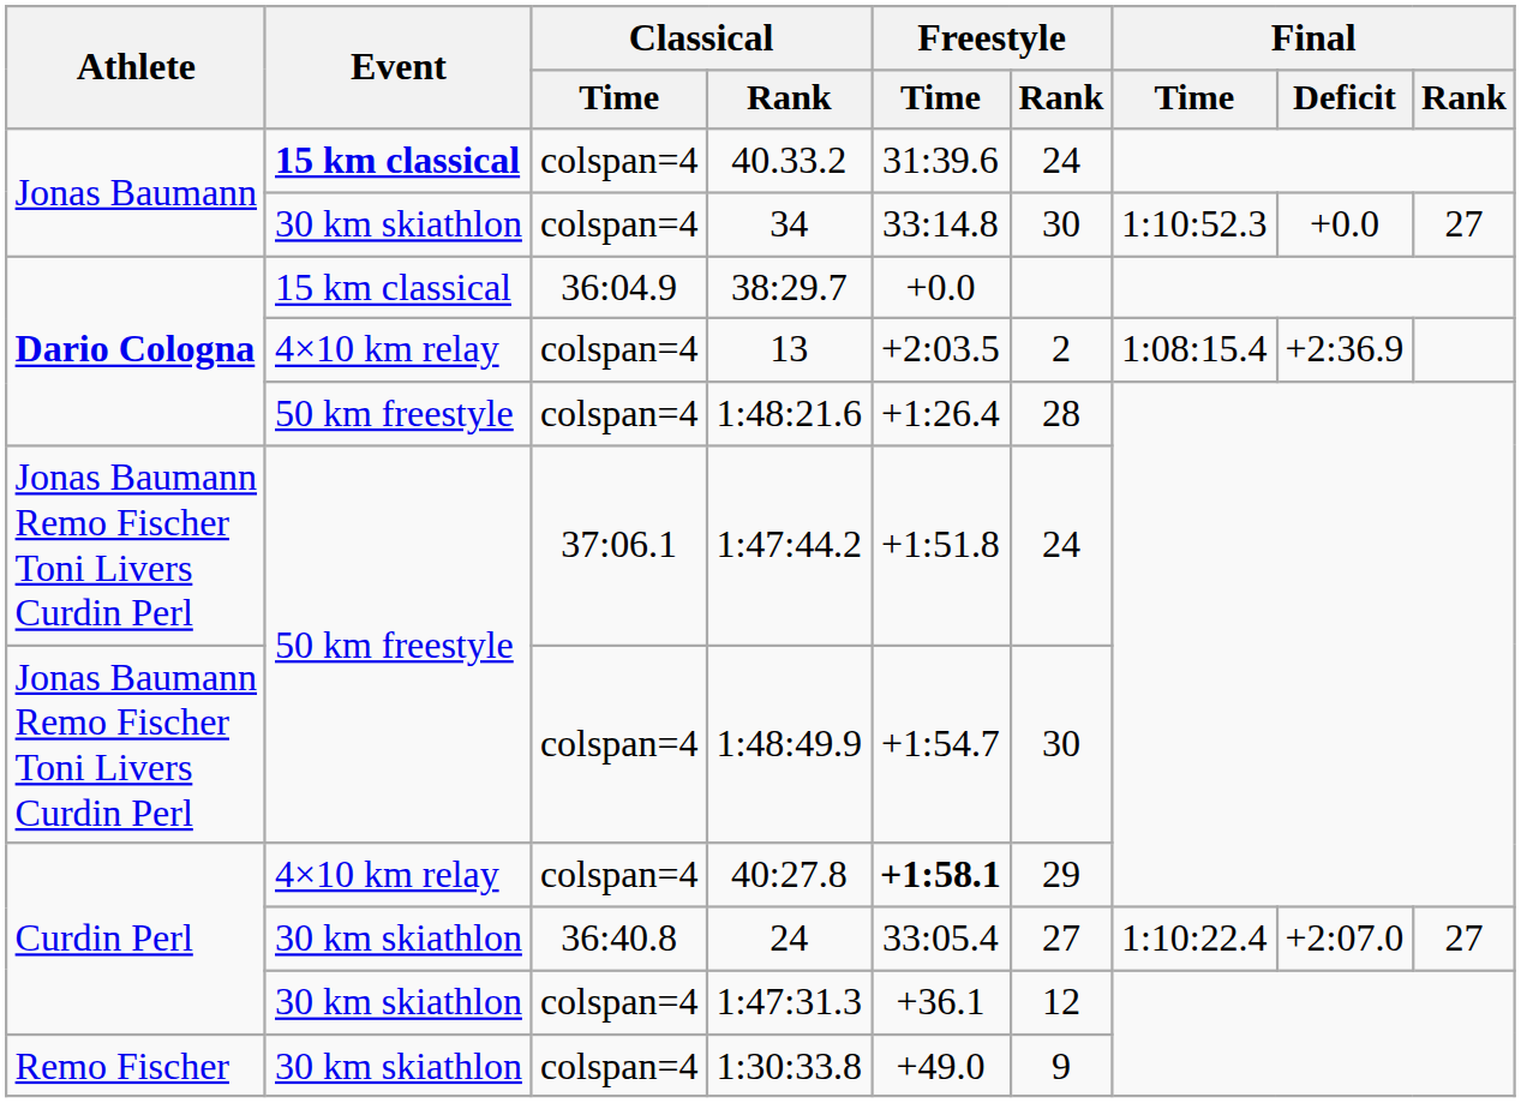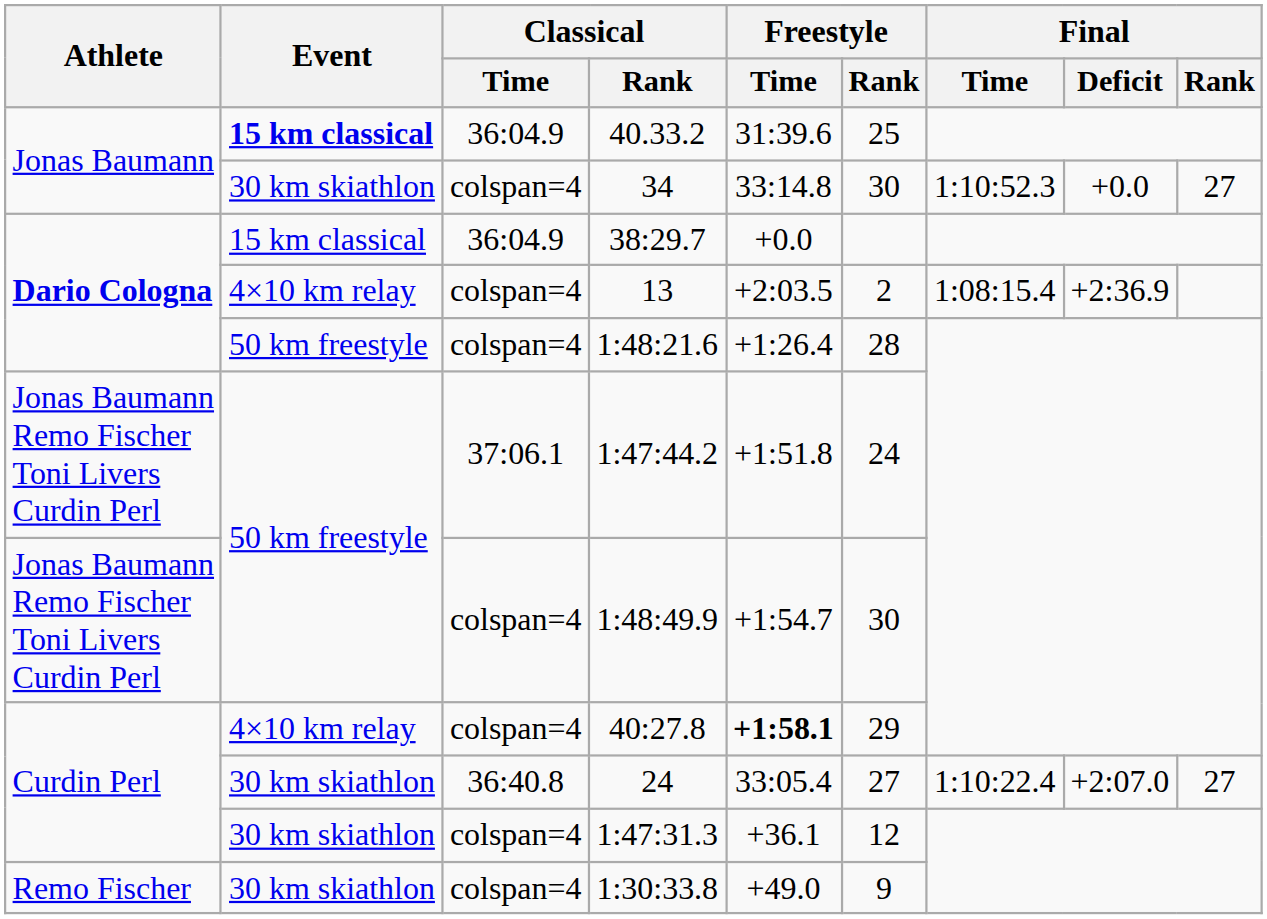 <table class="wikitable" style="font-size:90%">
 <tr>
 <th rowspan=2>Athlete</th>
 <th rowspan=2>Event</th>
 <th colspan=2>Classical</th>
 <th colspan=2>Freestyle</th>
 <th colspan=3>Final</th>
 </tr>
 <tr style="font-size: 95%">
 <th>Time</th>
 <th>Rank</th>
 <th>Time</th>
 <th>Rank</th>
 <th>Time</th>
 <th>Deficit</th>
 <th>Rank</th>
 </tr>
 <tr align=center>
 <td align=left rowspan=2><a href='#'>Jonas Baumann</a></td>
 <td align=left><strong><a href='#'>15 km classical</a></strong></td>
-<td>colspan=4 </td>
+<td>36:04.9</td>
 <td>40.33.2</td>
 <td>31:39.6</td>
-<td>24</td>
+<td>25</td>
 </tr>
 <tr align=center>
 <td align=left><a href='#'>30 km skiathlon</a></td>
 <td>colspan=4 </td>
 <td>34</td>
 <td>33:14.8</td>
 <td>30</td>
 <td>1:10:52.3</td>
 <td>+0.0</td>
 <td>27</td>
 </tr>
 <tr align=center>
 <td align=left rowspan=3><strong><a href='#'>Dario Cologna</a></strong></td>
 <td align=left><a href='#'>15 km classical</a></td>
 <td>36:04.9</td>
 <td>38:29.7</td>
 <td>+0.0</td>
 <td></td>
 </tr>
 <tr align=center>
 <td align=left><a href='#'>4×10 km relay</a></td>
 <td>colspan=4 </td>
 <td>13</td>
 <td>+2:03.5</td>
 <td>2</td>
 <td>1:08:15.4</td>
 <td>+2:36.9</td>
 <td></td>
 </tr>
 <tr align=center>
 <td align=left><a href='#'>50 km freestyle</a></td>
 <td>colspan=4 </td>
 <td>1:48:21.6</td>
 <td>+1:26.4</td>
 <td>28</td>
 </tr>
 <tr align=center>
 <td align=left><a href='#'>Jonas Baumann</a><br><a href='#'>Remo Fischer</a><br><a href='#'>Toni Livers</a><br><a href='#'>Curdin Perl</a></td>
 <td align=left rowspan=2><a href='#'>50 km freestyle</a></td>
 <td>37:06.1</td>
 <td>1:47:44.2</td>
 <td>+1:51.8</td>
 <td>24</td>
 </tr>
 <tr align=center>
 <td align=left><a href='#'>Jonas Baumann</a><br><a href='#'>Remo Fischer</a><br><a href='#'>Toni Livers</a><br><a href='#'>Curdin Perl</a></td>
 <td>colspan=4 </td>
 <td>1:48:49.9</td>
 <td>+1:54.7</td>
 <td>30</td>
 </tr>
 <tr align=center>
 <td align=left rowspan=3><a href='#'>Curdin Perl</a></td>
 <td align=left><a href='#'>4×10 km relay</a></td>
 <td>colspan=4 </td>
 <td>40:27.8</td>
 <td><strong>+1:58.1</strong></td>
 <td>29</td>
 </tr>
 <tr align=center>
 <td align=left><a href='#'>30 km skiathlon</a></td>
 <td>36:40.8</td>
 <td>24</td>
 <td>33:05.4</td>
 <td>27</td>
 <td>1:10:22.4</td>
 <td>+2:07.0</td>
 <td>27</td>
 </tr>
 <tr align=center>
 <td align=left><a href='#'>30 km skiathlon</a></td>
 <td>colspan=4 </td>
 <td>1:47:31.3</td>
 <td>+36.1</td>
 <td>12</td>
 </tr>
 <tr align=center>
 <td align=left><a href='#'>Remo Fischer</a></td>
 <td align=left><a href='#'>30 km skiathlon</a></td>
 <td>colspan=4 </td>
 <td>1:30:33.8</td>
 <td>+49.0</td>
 <td>9</td>
 </tr>
 </table>
